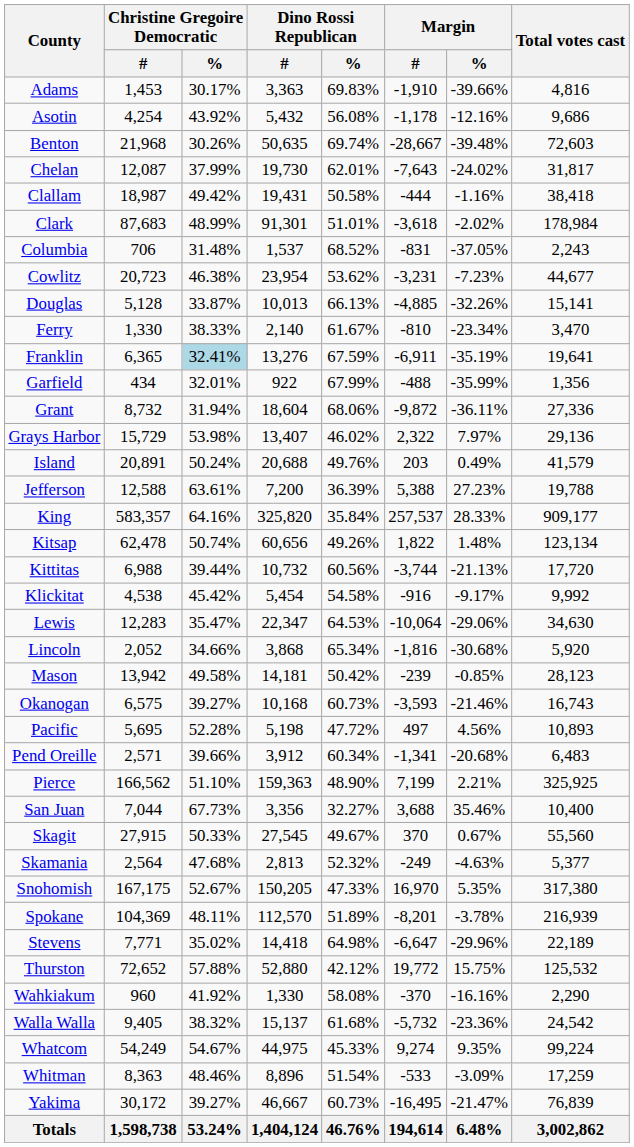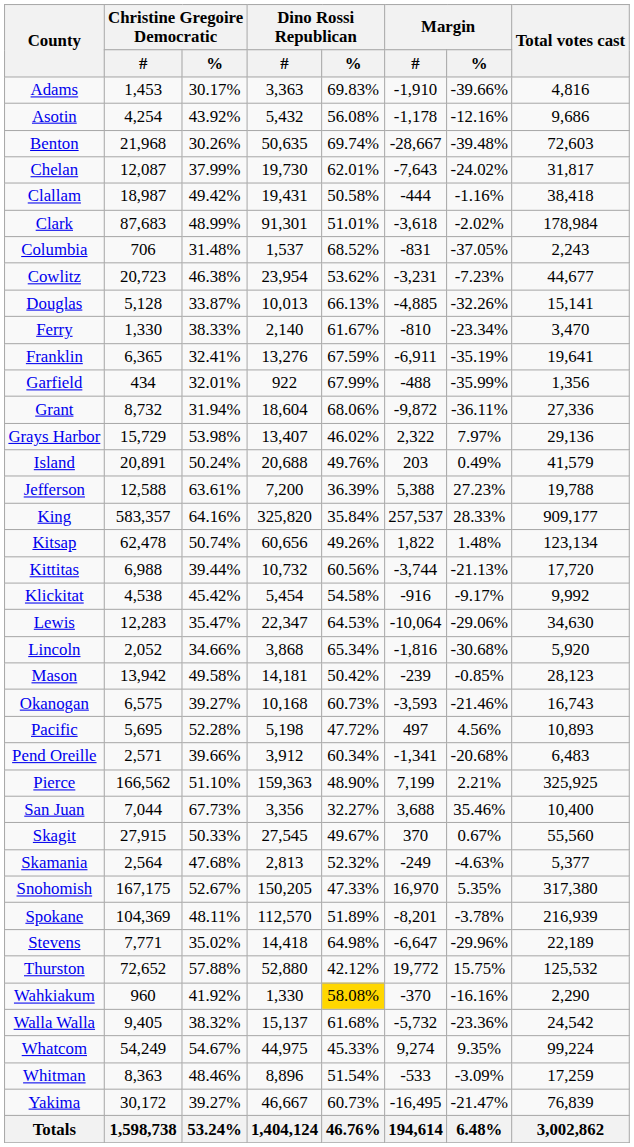 <table class="wikitable sortable">
 <tr>
 <th style="text-align:center;" rowspan="2">County</th>
 <th style="text-align:center;" colspan="2">Christine Gregoire<br>Democratic</th>
 <th style="text-align:center;" colspan="2">Dino Rossi<br>Republican</th>
 <th style="text-align:center;" colspan="2">Margin</th>
 <th style="text-align:center;" rowspan="2">Total votes cast</th>
 </tr>
 <tr bgcolor="lightgrey">
 <th style="text-align:center;" data-sort-type="number">#</th>
 <th style="text-align:center;" data-sort-type="number">%</th>
 <th style="text-align:center;" data-sort-type="number">#</th>
 <th style="text-align:center;" data-sort-type="number">%</th>
 <th style="text-align:center;" data-sort-type="number">#</th>
 <th style="text-align:center;" data-sort-type="number">%</th>
 </tr>
 <tr style="text-align:center;">
 <td><a href='#'>Adams</a></td>
 <td>1,453</td>
 <td>30.17%</td>
 <td>3,363</td>
 <td>69.83%</td>
 <td>-1,910</td>
 <td>-39.66%</td>
 <td>4,816</td>
 </tr>
 <tr style="text-align:center;">
 <td><a href='#'>Asotin</a></td>
 <td>4,254</td>
 <td>43.92%</td>
 <td>5,432</td>
 <td>56.08%</td>
 <td>-1,178</td>
 <td>-12.16%</td>
 <td>9,686</td>
 </tr>
 <tr style="text-align:center;">
 <td><a href='#'>Benton</a></td>
 <td>21,968</td>
 <td>30.26%</td>
 <td>50,635</td>
 <td>69.74%</td>
 <td>-28,667</td>
 <td>-39.48%</td>
 <td>72,603</td>
 </tr>
 <tr style="text-align:center;">
 <td><a href='#'>Chelan</a></td>
 <td>12,087</td>
 <td>37.99%</td>
 <td>19,730</td>
 <td>62.01%</td>
 <td>-7,643</td>
 <td>-24.02%</td>
 <td>31,817</td>
 </tr>
 <tr style="text-align:center;">
 <td><a href='#'>Clallam</a></td>
 <td>18,987</td>
 <td>49.42%</td>
 <td>19,431</td>
 <td>50.58%</td>
 <td>-444</td>
 <td>-1.16%</td>
 <td>38,418</td>
 </tr>
 <tr style="text-align:center;">
 <td><a href='#'>Clark</a></td>
 <td>87,683</td>
 <td>48.99%</td>
 <td>91,301</td>
 <td>51.01%</td>
 <td>-3,618</td>
 <td>-2.02%</td>
 <td>178,984</td>
 </tr>
 <tr style="text-align:center;">
 <td><a href='#'>Columbia</a></td>
 <td>706</td>
 <td>31.48%</td>
 <td>1,537</td>
 <td>68.52%</td>
 <td>-831</td>
 <td>-37.05%</td>
 <td>2,243</td>
 </tr>
 <tr style="text-align:center;">
 <td><a href='#'>Cowlitz</a></td>
 <td>20,723</td>
 <td>46.38%</td>
 <td>23,954</td>
 <td>53.62%</td>
 <td>-3,231</td>
 <td>-7.23%</td>
 <td>44,677</td>
 </tr>
 <tr style="text-align:center;">
 <td><a href='#'>Douglas</a></td>
 <td>5,128</td>
 <td>33.87%</td>
 <td>10,013</td>
 <td>66.13%</td>
 <td>-4,885</td>
 <td>-32.26%</td>
 <td>15,141</td>
 </tr>
 <tr style="text-align:center;">
 <td><a href='#'>Ferry</a></td>
 <td>1,330</td>
 <td>38.33%</td>
 <td>2,140</td>
 <td>61.67%</td>
 <td>-810</td>
 <td>-23.34%</td>
 <td>3,470</td>
 </tr>
 <tr style="text-align:center;">
 <td><a href='#'>Franklin</a></td>
 <td>6,365</td>
-<td style="background: lightblue;">32.41%</td>
+<td>32.41%</td>
 <td>13,276</td>
 <td>67.59%</td>
 <td>-6,911</td>
 <td>-35.19%</td>
 <td>19,641</td>
 </tr>
 <tr style="text-align:center;">
 <td><a href='#'>Garfield</a></td>
 <td>434</td>
 <td>32.01%</td>
 <td>922</td>
 <td>67.99%</td>
 <td>-488</td>
 <td>-35.99%</td>
 <td>1,356</td>
 </tr>
 <tr style="text-align:center;">
 <td><a href='#'>Grant</a></td>
 <td>8,732</td>
 <td>31.94%</td>
 <td>18,604</td>
 <td>68.06%</td>
 <td>-9,872</td>
 <td>-36.11%</td>
 <td>27,336</td>
 </tr>
 <tr style="text-align:center;">
 <td><a href='#'>Grays Harbor</a></td>
 <td>15,729</td>
 <td>53.98%</td>
 <td>13,407</td>
 <td>46.02%</td>
 <td>2,322</td>
 <td>7.97%</td>
 <td>29,136</td>
 </tr>
 <tr style="text-align:center;">
 <td><a href='#'>Island</a></td>
 <td>20,891</td>
 <td>50.24%</td>
 <td>20,688</td>
 <td>49.76%</td>
 <td>203</td>
 <td>0.49%</td>
 <td>41,579</td>
 </tr>
 <tr style="text-align:center;">
 <td><a href='#'>Jefferson</a></td>
 <td>12,588</td>
 <td>63.61%</td>
 <td>7,200</td>
 <td>36.39%</td>
 <td>5,388</td>
 <td>27.23%</td>
 <td>19,788</td>
 </tr>
 <tr style="text-align:center;">
 <td><a href='#'>King</a></td>
 <td>583,357</td>
 <td>64.16%</td>
 <td>325,820</td>
 <td>35.84%</td>
 <td>257,537</td>
 <td>28.33%</td>
 <td>909,177</td>
 </tr>
 <tr style="text-align:center;">
 <td><a href='#'>Kitsap</a></td>
 <td>62,478</td>
 <td>50.74%</td>
 <td>60,656</td>
 <td>49.26%</td>
 <td>1,822</td>
 <td>1.48%</td>
 <td>123,134</td>
 </tr>
 <tr style="text-align:center;">
 <td><a href='#'>Kittitas</a></td>
 <td>6,988</td>
 <td>39.44%</td>
 <td>10,732</td>
 <td>60.56%</td>
 <td>-3,744</td>
 <td>-21.13%</td>
 <td>17,720</td>
 </tr>
 <tr style="text-align:center;">
 <td><a href='#'>Klickitat</a></td>
 <td>4,538</td>
 <td>45.42%</td>
 <td>5,454</td>
 <td>54.58%</td>
 <td>-916</td>
 <td>-9.17%</td>
 <td>9,992</td>
 </tr>
 <tr style="text-align:center;">
 <td><a href='#'>Lewis</a></td>
 <td>12,283</td>
 <td>35.47%</td>
 <td>22,347</td>
 <td>64.53%</td>
 <td>-10,064</td>
 <td>-29.06%</td>
 <td>34,630</td>
 </tr>
 <tr style="text-align:center;">
 <td><a href='#'>Lincoln</a></td>
 <td>2,052</td>
 <td>34.66%</td>
 <td>3,868</td>
 <td>65.34%</td>
 <td>-1,816</td>
 <td>-30.68%</td>
 <td>5,920</td>
 </tr>
 <tr style="text-align:center;">
 <td><a href='#'>Mason</a></td>
 <td>13,942</td>
 <td>49.58%</td>
 <td>14,181</td>
 <td>50.42%</td>
 <td>-239</td>
 <td>-0.85%</td>
 <td>28,123</td>
 </tr>
 <tr style="text-align:center;">
 <td><a href='#'>Okanogan</a></td>
 <td>6,575</td>
 <td>39.27%</td>
 <td>10,168</td>
 <td>60.73%</td>
 <td>-3,593</td>
 <td>-21.46%</td>
 <td>16,743</td>
 </tr>
 <tr style="text-align:center;">
 <td><a href='#'>Pacific</a></td>
 <td>5,695</td>
 <td>52.28%</td>
 <td>5,198</td>
 <td>47.72%</td>
 <td>497</td>
 <td>4.56%</td>
 <td>10,893</td>
 </tr>
 <tr style="text-align:center;">
 <td><a href='#'>Pend Oreille</a></td>
 <td>2,571</td>
 <td>39.66%</td>
 <td>3,912</td>
 <td>60.34%</td>
 <td>-1,341</td>
 <td>-20.68%</td>
 <td>6,483</td>
 </tr>
 <tr style="text-align:center;">
 <td><a href='#'>Pierce</a></td>
 <td>166,562</td>
 <td>51.10%</td>
 <td>159,363</td>
 <td>48.90%</td>
 <td>7,199</td>
 <td>2.21%</td>
 <td>325,925</td>
 </tr>
 <tr style="text-align:center;">
 <td><a href='#'>San Juan</a></td>
 <td>7,044</td>
 <td>67.73%</td>
 <td>3,356</td>
 <td>32.27%</td>
 <td>3,688</td>
 <td>35.46%</td>
 <td>10,400</td>
 </tr>
 <tr style="text-align:center;">
 <td><a href='#'>Skagit</a></td>
 <td>27,915</td>
 <td>50.33%</td>
 <td>27,545</td>
 <td>49.67%</td>
 <td>370</td>
 <td>0.67%</td>
 <td>55,560</td>
 </tr>
 <tr style="text-align:center;">
 <td><a href='#'>Skamania</a></td>
 <td>2,564</td>
 <td>47.68%</td>
 <td>2,813</td>
 <td>52.32%</td>
 <td>-249</td>
 <td>-4.63%</td>
 <td>5,377</td>
 </tr>
 <tr style="text-align:center;">
 <td><a href='#'>Snohomish</a></td>
 <td>167,175</td>
 <td>52.67%</td>
 <td>150,205</td>
 <td>47.33%</td>
 <td>16,970</td>
 <td>5.35%</td>
 <td>317,380</td>
 </tr>
 <tr style="text-align:center;">
 <td><a href='#'>Spokane</a></td>
 <td>104,369</td>
 <td>48.11%</td>
 <td>112,570</td>
 <td>51.89%</td>
 <td>-8,201</td>
 <td>-3.78%</td>
 <td>216,939</td>
 </tr>
 <tr style="text-align:center;">
 <td><a href='#'>Stevens</a></td>
 <td>7,771</td>
 <td>35.02%</td>
 <td>14,418</td>
 <td>64.98%</td>
 <td>-6,647</td>
 <td>-29.96%</td>
 <td>22,189</td>
 </tr>
 <tr style="text-align:center;">
 <td><a href='#'>Thurston</a></td>
 <td>72,652</td>
 <td>57.88%</td>
 <td>52,880</td>
 <td>42.12%</td>
 <td>19,772</td>
 <td>15.75%</td>
 <td>125,532</td>
 </tr>
 <tr style="text-align:center;">
 <td><a href='#'>Wahkiakum</a></td>
 <td>960</td>
 <td>41.92%</td>
 <td>1,330</td>
-<td>58.08%</td>
+<td style="background: gold;">58.08%</td>
 <td>-370</td>
 <td>-16.16%</td>
 <td>2,290</td>
 </tr>
 <tr style="text-align:center;">
 <td><a href='#'>Walla Walla</a></td>
 <td>9,405</td>
 <td>38.32%</td>
 <td>15,137</td>
 <td>61.68%</td>
 <td>-5,732</td>
 <td>-23.36%</td>
 <td>24,542</td>
 </tr>
 <tr style="text-align:center;">
 <td><a href='#'>Whatcom</a></td>
 <td>54,249</td>
 <td>54.67%</td>
 <td>44,975</td>
 <td>45.33%</td>
 <td>9,274</td>
 <td>9.35%</td>
 <td>99,224</td>
 </tr>
 <tr style="text-align:center;">
 <td><a href='#'>Whitman</a></td>
 <td>8,363</td>
 <td>48.46%</td>
 <td>8,896</td>
 <td>51.54%</td>
 <td>-533</td>
 <td>-3.09%</td>
 <td>17,259</td>
 </tr>
 <tr style="text-align:center;">
 <td><a href='#'>Yakima</a></td>
 <td>30,172</td>
 <td>39.27%</td>
 <td>46,667</td>
 <td>60.73%</td>
 <td>-16,495</td>
 <td>-21.47%</td>
 <td>76,839</td>
 </tr>
 <tr>
 <th>Totals</th>
 <th>1,598,738</th>
 <th>53.24%</th>
 <th>1,404,124</th>
 <th>46.76%</th>
 <th>194,614</th>
 <th>6.48%</th>
 <th>3,002,862</th>
 </tr>
 </table>
